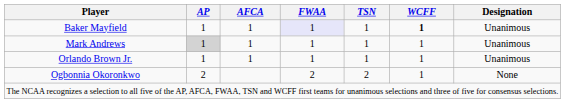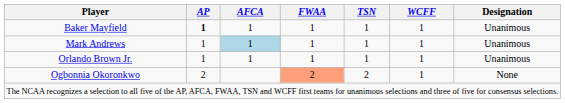 <table class="wikitable" style="text-align: center">
 <tr>
 <th style=>Player</th>
 <th style=><a href='#'><em>AP</em></a></th>
 <th style=><a href='#'><em>AFCA</em></a></th>
 <th style=><a href='#'><em>FWAA</em></a></th>
 <th style=><a href='#'><em>TSN</em></a></th>
 <th style=><a href='#'><em>WCFF</em></a></th>
 <th style=>Designation</th>
 </tr>
 <tr align="center">
 <td><a href='#'>Baker Mayfield</a></td>
+<td><strong>1</strong></td>
 <td>1</td>
 <td>1</td>
-<td style="background: lavender;">1</td>
 <td>1</td>
-<td><strong>1</strong></td>
+<td>1</td>
 <td>Unanimous</td>
 </tr>
 <tr align="center">
 <td><a href='#'>Mark Andrews</a></td>
-<td style="background: lightgrey;">1</td>
 <td>1</td>
+<td style="background: lightblue;">1</td>
 <td>1</td>
 <td>1</td>
 <td>1</td>
 <td>Unanimous</td>
 </tr>
 <tr align="center">
 <td><a href='#'>Orlando Brown Jr.</a></td>
 <td>1</td>
 <td>1</td>
 <td>1</td>
 <td>1</td>
 <td>1</td>
 <td>Unanimous</td>
 </tr>
 <tr align="center">
 <td><a href='#'>Ogbonnia Okoronkwo</a></td>
 <td>2</td>
 <td></td>
-<td>2</td>
+<td style="background: lightsalmon;">2</td>
 <td>2</td>
 <td>1</td>
 <td>None</td>
 </tr>
 <tr align="center">
 <td colspan=10style=><small>The NCAA recognizes a selection to all five of the AP, AFCA, FWAA, TSN and WCFF first teams for unanimous selections and three of five for consensus selections.</small></td>
 </tr>
 </table>
